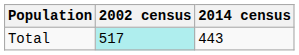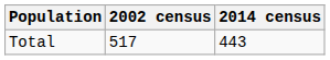 <table class="wikitable">
 <tr>
 <th>Population</th>
 <th>2002 census</th>
 <th>2014 census</th>
 </tr>
 <tr>
 <td>Total</td>
-<td style="background: paleturquoise;">517</td>
+<td>517</td>
 <td>443</td>
 </tr>
 </table>
